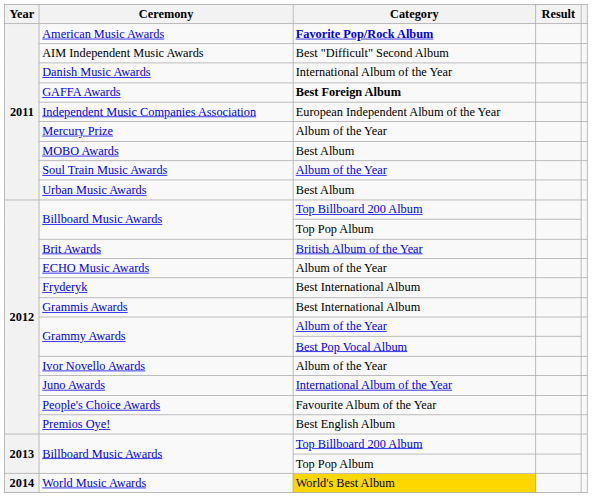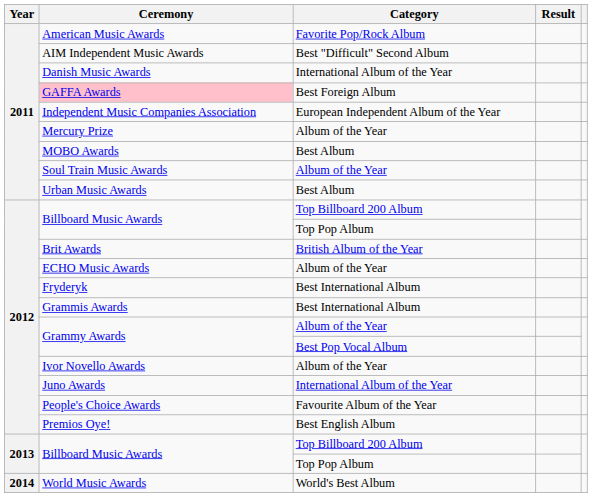 <table class="wikitable sortable plainrowheaders" style="width: 60%;">
 <tr>
 <th scope="col">Year</th>
 <th scope="col">Ceremony</th>
 <th scope="col">Category</th>
 <th scope="col">Result</th>
 <th scope="col" class="unsortable"></th>
 </tr>
 <tr>
 <th rowspan="9" scope="row">2011</th>
 <td><a href='#'>American Music Awards</a></td>
-<td><strong><a href='#'>Favorite Pop/Rock Album</a></strong></td>
+<td><a href='#'>Favorite Pop/Rock Album</a></td>
 <td></td>
 <td style="text-align:center;"></td>
 </tr>
 <tr>
 <td>AIM Independent Music Awards</td>
 <td>Best "Difficult" Second Album</td>
 <td></td>
 <td style="text-align:center;"></td>
 </tr>
 <tr>
 <td><a href='#'>Danish Music Awards</a></td>
 <td>International Album of the Year</td>
 <td></td>
 <td style="text-align:center;"></td>
 </tr>
 <tr>
-<td><a href='#'>GAFFA Awards</a></td>
-<td><strong>Best Foreign Album</strong></td>
+<td style="background: pink;"><a href='#'>GAFFA Awards</a></td>
+<td>Best Foreign Album</td>
 <td></td>
 <td style="text-align:center;"></td>
 </tr>
 <tr>
 <td><a href='#'>Independent Music Companies Association</a></td>
 <td>European Independent Album of the Year</td>
 <td></td>
 <td style="text-align:center;"></td>
 </tr>
 <tr>
 <td><a href='#'>Mercury Prize</a></td>
 <td>Album of the Year</td>
 <td></td>
 <td style="text-align:center;"></td>
 </tr>
 <tr>
 <td><a href='#'>MOBO Awards</a></td>
 <td>Best Album</td>
 <td></td>
 <td style="text-align:center;"></td>
 </tr>
 <tr>
 <td><a href='#'>Soul Train Music Awards</a></td>
 <td><a href='#'>Album of the Year</a></td>
 <td></td>
 <td style="text-align:center;"></td>
 </tr>
 <tr>
 <td><a href='#'>Urban Music Awards</a></td>
 <td>Best Album</td>
 <td></td>
 <td style="text-align:center;"></td>
 </tr>
 <tr>
 <th rowspan="12" scope="row">2012</th>
 <td rowspan="2"><a href='#'>Billboard Music Awards</a></td>
 <td><a href='#'>Top Billboard 200 Album</a></td>
 <td></td>
 <td rowspan="2" style="text-align: center;"></td>
 </tr>
 <tr>
 <td>Top Pop Album</td>
 <td></td>
 </tr>
 <tr>
 <td><a href='#'>Brit Awards</a></td>
 <td><a href='#'>British Album of the Year</a></td>
 <td></td>
 <td style="text-align:center;"></td>
 </tr>
 <tr>
 <td><a href='#'>ECHO Music Awards</a></td>
 <td>Album of the Year</td>
 <td></td>
 <td style="text-align:center;"></td>
 </tr>
 <tr>
 <td><a href='#'>Fryderyk</a></td>
 <td>Best International Album</td>
 <td></td>
 <td style="text-align:center;"></td>
 </tr>
 <tr>
 <td><a href='#'>Grammis Awards</a></td>
 <td>Best International Album</td>
 <td></td>
 <td style="text-align:center;"></td>
 </tr>
 <tr>
 <td rowspan="2"><a href='#'>Grammy Awards</a></td>
 <td><a href='#'>Album of the Year</a></td>
 <td></td>
 <td rowspan="2" style="text-align:center;"></td>
 </tr>
 <tr>
 <td><a href='#'>Best Pop Vocal Album</a></td>
 <td></td>
 </tr>
 <tr>
 <td><a href='#'>Ivor Novello Awards</a></td>
 <td>Album of the Year</td>
 <td></td>
 <td style="text-align:center;"></td>
 </tr>
 <tr>
 <td><a href='#'>Juno Awards</a></td>
 <td><a href='#'>International Album of the Year</a></td>
 <td></td>
 <td style="text-align:center;"></td>
 </tr>
 <tr>
 <td><a href='#'>People's Choice Awards</a></td>
 <td>Favourite Album of the Year</td>
 <td></td>
 <td style="text-align:center;"></td>
 </tr>
 <tr>
 <td><a href='#'>Premios Oye!</a></td>
 <td>Best English Album</td>
 <td></td>
 <td style="text-align:center;"></td>
 </tr>
 <tr>
 <th rowspan="2" scope="row">2013</th>
 <td rowspan="2"><a href='#'>Billboard Music Awards</a></td>
 <td><a href='#'>Top Billboard 200 Album</a></td>
 <td></td>
 <td rowspan="2" style="text-align: center;"></td>
 </tr>
 <tr>
 <td>Top Pop Album</td>
 <td></td>
 </tr>
 <tr>
 <th scope="row">2014</th>
 <td><a href='#'>World Music Awards</a></td>
-<td style="background: gold;">World's Best Album</td>
+<td>World's Best Album</td>
 <td></td>
 <td style="text-align:center;" rowspan="4"></td>
 </tr>
 </table>
